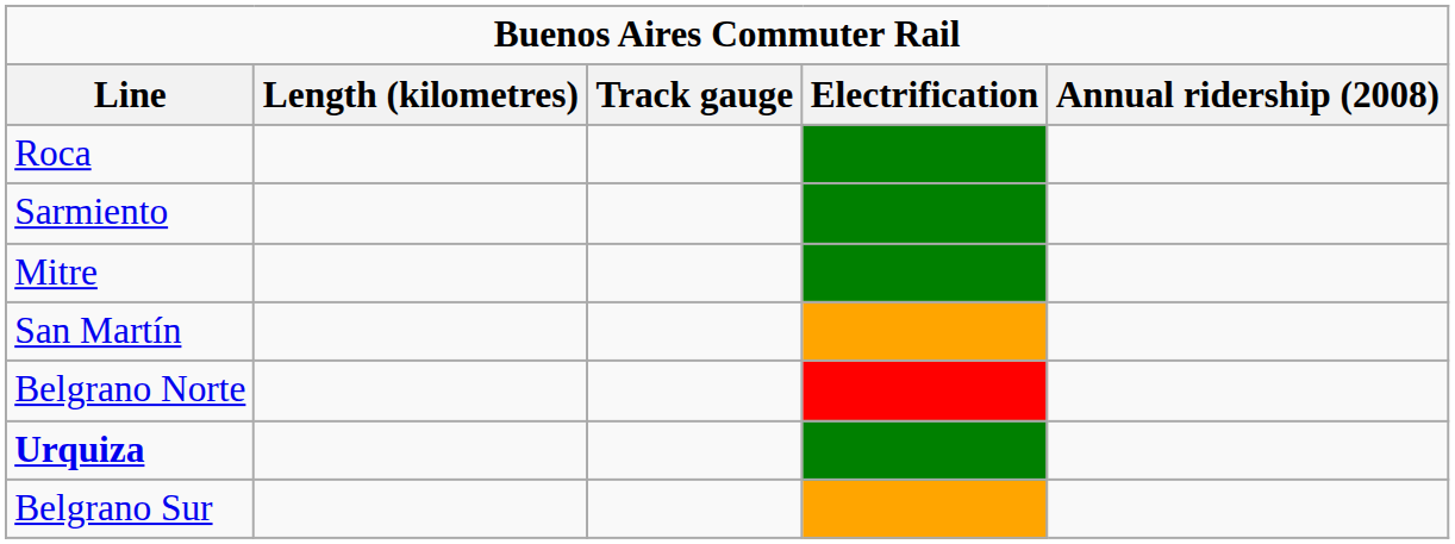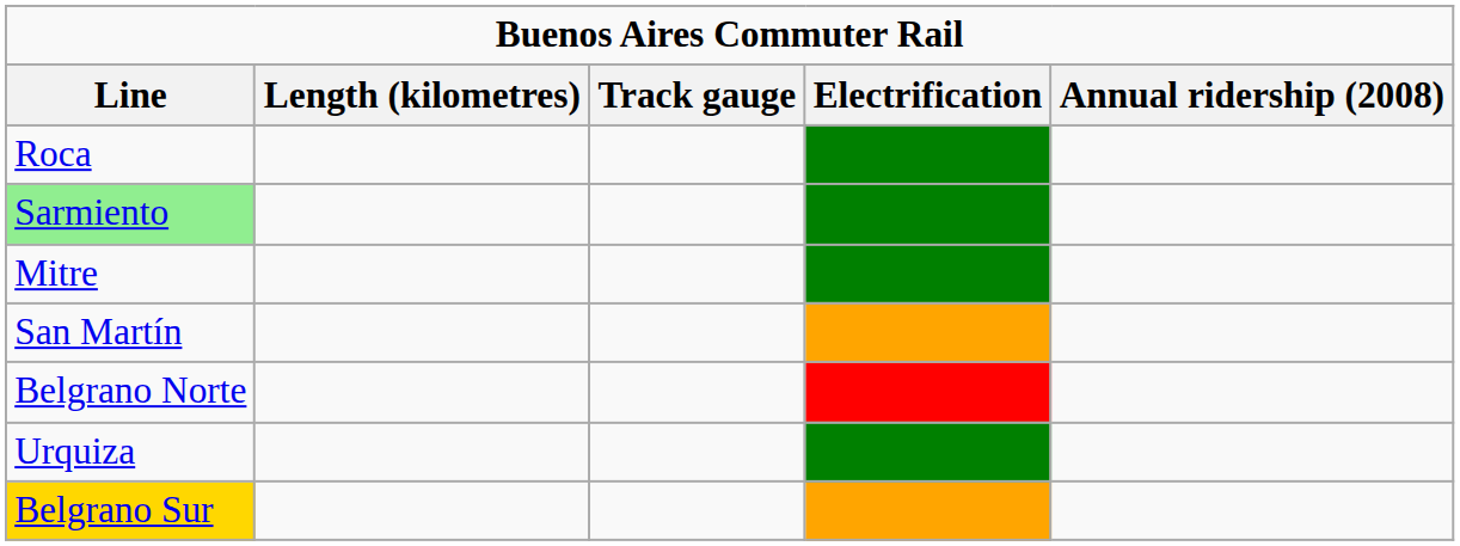 <table class="wikitable sortable" style="text-align:left">
 <tr>
 <td colspan="6" style="text-align:center;"><strong>Buenos Aires Commuter Rail</strong></td>
 </tr>
 <tr>
 <th>Line</th>
 <th>Length (kilometres)</th>
 <th>Track gauge</th>
 <th>Electrification</th>
 <th>Annual ridership (2008)</th>
 </tr>
 <tr>
 <td><a href='#'>Roca</a></td>
 <td></td>
 <td></td>
 <td style="background: green; color: white"></td>
 <td></td>
 </tr>
 <tr>
-<td><a href='#'>Sarmiento</a></td>
+<td style="background: lightgreen;"><a href='#'>Sarmiento</a></td>
 <td></td>
 <td></td>
 <td style="background: green; color: white"></td>
 <td></td>
 </tr>
 <tr>
 <td><a href='#'>Mitre</a></td>
 <td></td>
 <td></td>
 <td style="background: green; color: white"></td>
 <td></td>
 </tr>
 <tr>
 <td><a href='#'>San Martín</a></td>
 <td></td>
 <td></td>
 <td style="background: orange; color: white"></td>
 <td></td>
 </tr>
 <tr>
 <td><a href='#'>Belgrano Norte</a></td>
 <td></td>
 <td></td>
 <td style="background: red; color: white"></td>
 <td></td>
 </tr>
 <tr>
-<td><strong><a href='#'>Urquiza</a></strong></td>
+<td><a href='#'>Urquiza</a></td>
 <td></td>
 <td></td>
 <td style="background: green; color: white"></td>
 <td></td>
 </tr>
 <tr>
-<td><a href='#'>Belgrano Sur</a></td>
+<td style="background: gold;"><a href='#'>Belgrano Sur</a></td>
 <td></td>
 <td></td>
 <td style="background: orange; color: white"></td>
 <td></td>
 </tr>
 </table>
